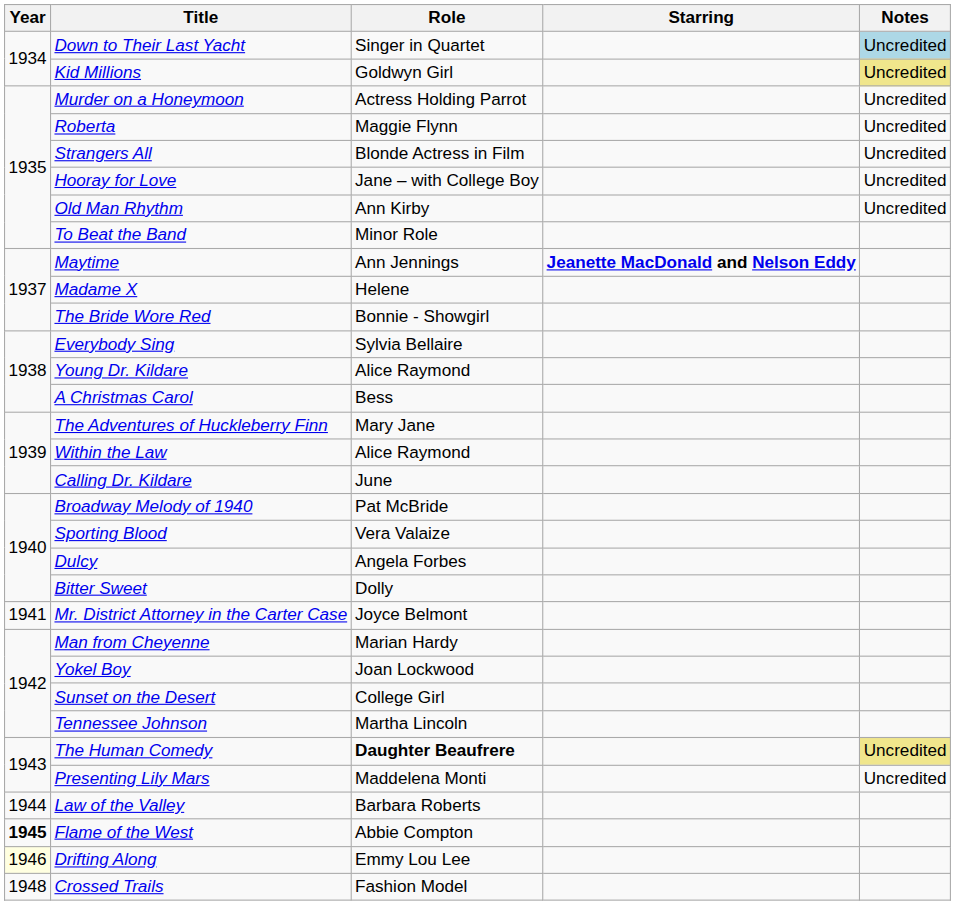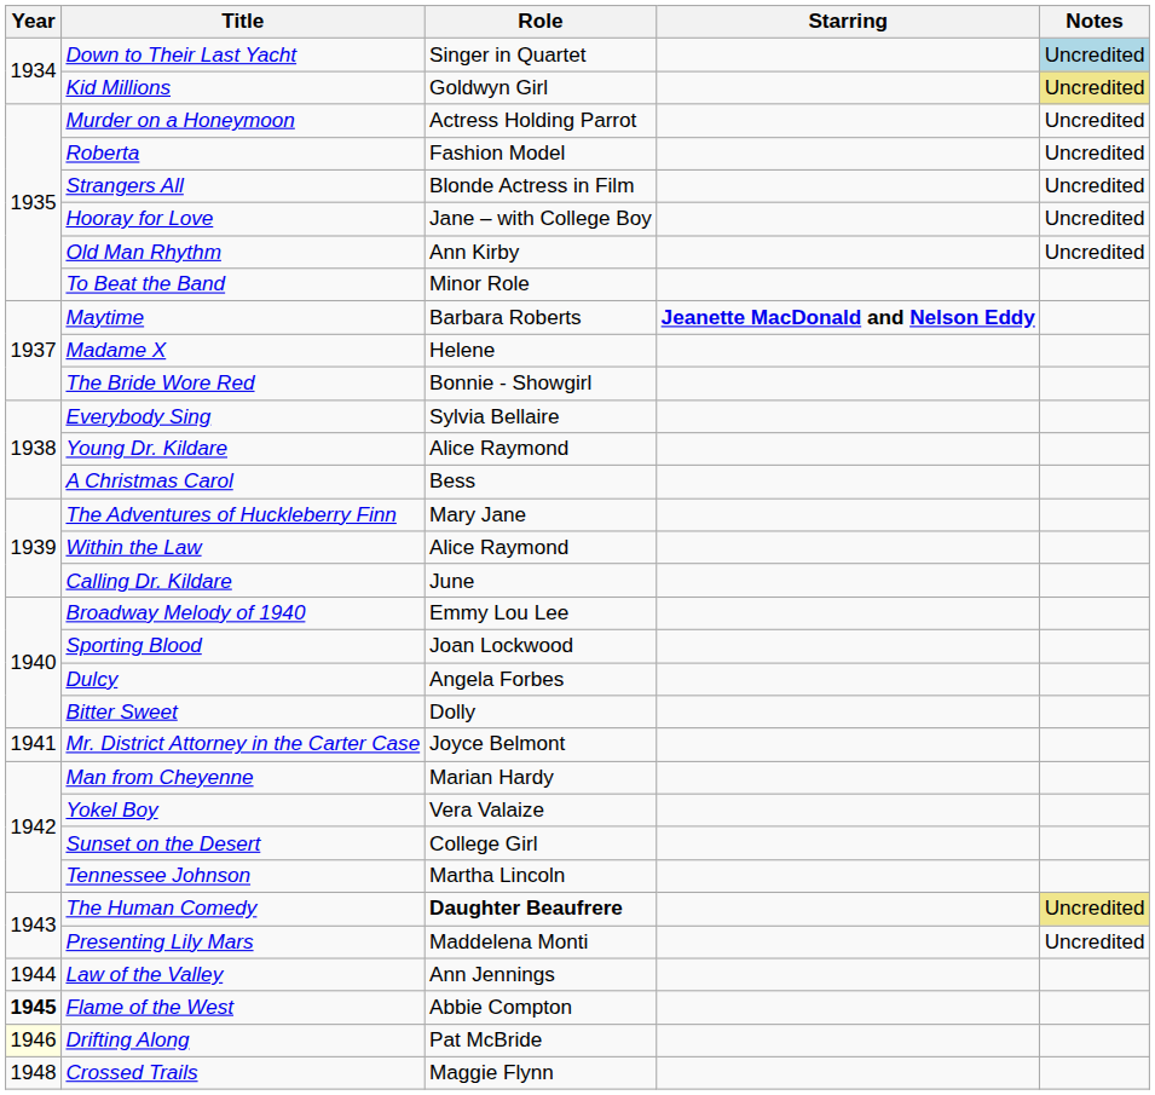 <table class="wikitable">
 <tr>
 <th>Year</th>
 <th>Title</th>
 <th>Role</th>
 <th>Starring</th>
 <th>Notes</th>
 </tr>
 <tr>
 <td rowspan=2>1934</td>
 <td><em><a href='#'>Down to Their Last Yacht</a></em></td>
 <td>Singer in Quartet</td>
 <td></td>
 <td style="background: lightblue;">Uncredited</td>
 </tr>
 <tr>
 <td><em><a href='#'>Kid Millions</a></em></td>
 <td>Goldwyn Girl</td>
 <td></td>
 <td style="background: khaki;">Uncredited</td>
 </tr>
 <tr>
 <td rowspan=6>1935</td>
 <td><em><a href='#'>Murder on a Honeymoon</a></em></td>
 <td>Actress Holding Parrot</td>
 <td></td>
 <td>Uncredited</td>
 </tr>
 <tr>
 <td><em><a href='#'>Roberta</a></em></td>
-<td>Maggie Flynn</td>
+<td>Fashion Model</td>
 <td></td>
 <td>Uncredited</td>
 </tr>
 <tr>
 <td><em><a href='#'>Strangers All</a></em></td>
 <td>Blonde Actress in Film</td>
 <td></td>
 <td>Uncredited</td>
 </tr>
 <tr>
 <td><em><a href='#'>Hooray for Love</a></em></td>
 <td>Jane – with College Boy</td>
 <td></td>
 <td>Uncredited</td>
 </tr>
 <tr>
 <td><em><a href='#'>Old Man Rhythm</a></em></td>
 <td>Ann Kirby</td>
 <td></td>
 <td>Uncredited</td>
 </tr>
 <tr>
 <td><em><a href='#'>To Beat the Band</a></em></td>
 <td>Minor Role</td>
 <td></td>
 <td></td>
 </tr>
 <tr>
 <td rowspan=3>1937</td>
 <td><em><a href='#'>Maytime</a></em></td>
-<td>Ann Jennings</td>
+<td>Barbara Roberts</td>
 <td><strong><a href='#'>Jeanette MacDonald</a> and <a href='#'>Nelson Eddy</a></strong></td>
 <td></td>
 </tr>
 <tr>
 <td><em><a href='#'>Madame X</a></em></td>
 <td>Helene</td>
 <td></td>
 <td></td>
 </tr>
 <tr>
 <td><em><a href='#'>The Bride Wore Red</a></em></td>
 <td>Bonnie - Showgirl</td>
 <td></td>
 <td></td>
 </tr>
 <tr>
 <td rowspan=3>1938</td>
 <td><em><a href='#'>Everybody Sing</a></em></td>
 <td>Sylvia Bellaire</td>
 <td></td>
 <td></td>
 </tr>
 <tr>
 <td><em><a href='#'>Young Dr. Kildare</a></em></td>
 <td>Alice Raymond</td>
 <td></td>
 <td></td>
 </tr>
 <tr>
 <td><em><a href='#'>A Christmas Carol</a></em></td>
 <td>Bess</td>
 <td></td>
 <td></td>
 </tr>
 <tr>
 <td rowspan=3>1939</td>
 <td><em><a href='#'>The Adventures of Huckleberry Finn</a></em></td>
 <td>Mary Jane</td>
 <td></td>
 <td></td>
 </tr>
 <tr>
 <td><em><a href='#'>Within the Law</a></em></td>
 <td>Alice Raymond</td>
 <td></td>
 <td></td>
 </tr>
 <tr>
 <td><em><a href='#'>Calling Dr. Kildare</a></em></td>
 <td>June</td>
 <td></td>
 <td></td>
 </tr>
 <tr>
 <td rowspan=4>1940</td>
 <td><em><a href='#'>Broadway Melody of 1940</a></em></td>
-<td>Pat McBride</td>
+<td>Emmy Lou Lee</td>
 <td></td>
 <td></td>
 </tr>
 <tr>
 <td><em><a href='#'>Sporting Blood</a></em></td>
-<td>Vera Valaize</td>
+<td>Joan Lockwood</td>
 <td></td>
 <td></td>
 </tr>
 <tr>
 <td><em><a href='#'>Dulcy</a></em></td>
 <td>Angela Forbes</td>
 <td></td>
 <td></td>
 </tr>
 <tr>
 <td><em><a href='#'>Bitter Sweet</a></em></td>
 <td>Dolly</td>
 <td></td>
 <td></td>
 </tr>
 <tr>
 <td>1941</td>
 <td><em><a href='#'>Mr. District Attorney in the Carter Case</a></em></td>
 <td>Joyce Belmont</td>
 <td></td>
 <td></td>
 </tr>
 <tr>
 <td rowspan=4>1942</td>
 <td><em><a href='#'>Man from Cheyenne</a></em></td>
 <td>Marian Hardy</td>
 <td></td>
 <td></td>
 </tr>
 <tr>
 <td><em><a href='#'>Yokel Boy</a></em></td>
-<td>Joan Lockwood</td>
+<td>Vera Valaize</td>
 <td></td>
 <td></td>
 </tr>
 <tr>
 <td><em><a href='#'>Sunset on the Desert</a></em></td>
 <td>College Girl</td>
 <td></td>
 <td></td>
 </tr>
 <tr>
 <td><em><a href='#'>Tennessee Johnson</a></em></td>
 <td>Martha Lincoln</td>
 <td></td>
 <td></td>
 </tr>
 <tr>
 <td rowspan=2>1943</td>
 <td><em><a href='#'>The Human Comedy</a></em></td>
 <td><strong>Daughter Beaufrere</strong></td>
 <td></td>
 <td style="background: khaki;">Uncredited</td>
 </tr>
 <tr>
 <td><em><a href='#'>Presenting Lily Mars</a></em></td>
 <td>Maddelena Monti</td>
 <td></td>
 <td>Uncredited</td>
 </tr>
 <tr>
 <td>1944</td>
 <td><em><a href='#'>Law of the Valley</a></em></td>
-<td>Barbara Roberts</td>
+<td>Ann Jennings</td>
 <td></td>
 <td></td>
 </tr>
 <tr>
 <td><strong>1945</strong></td>
 <td><em><a href='#'>Flame of the West</a></em></td>
 <td>Abbie Compton</td>
 <td></td>
 <td></td>
 </tr>
 <tr>
 <td style="background: lightyellow;">1946</td>
 <td><em><a href='#'>Drifting Along</a></em></td>
-<td>Emmy Lou Lee</td>
+<td>Pat McBride</td>
 <td></td>
 <td></td>
 </tr>
 <tr>
 <td>1948</td>
 <td><em><a href='#'>Crossed Trails</a></em></td>
-<td>Fashion Model</td>
+<td>Maggie Flynn</td>
 <td></td>
 <td></td>
 </tr>
 </table>
